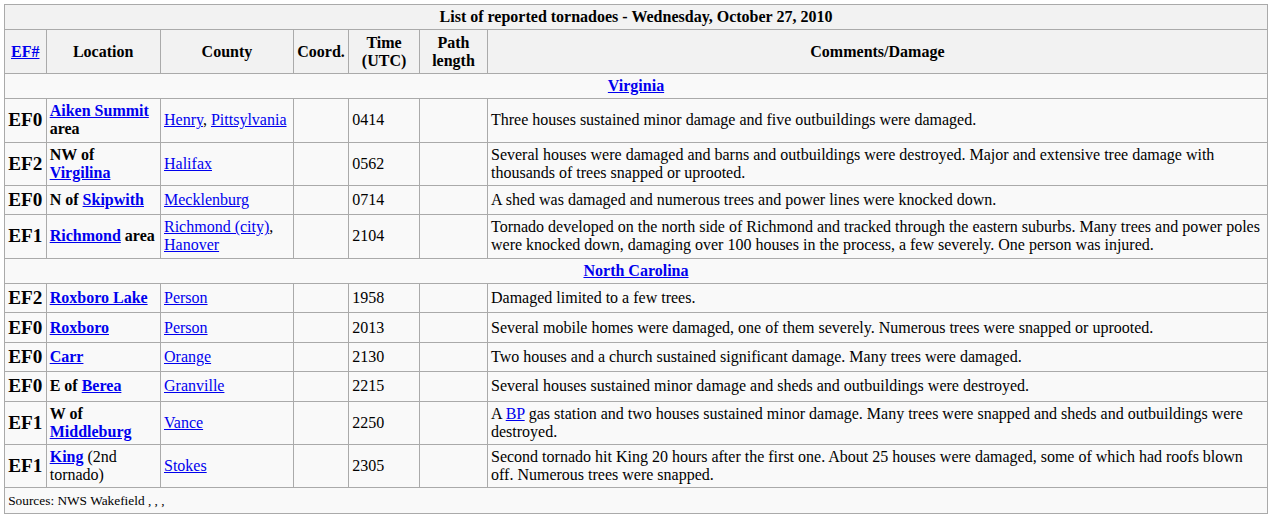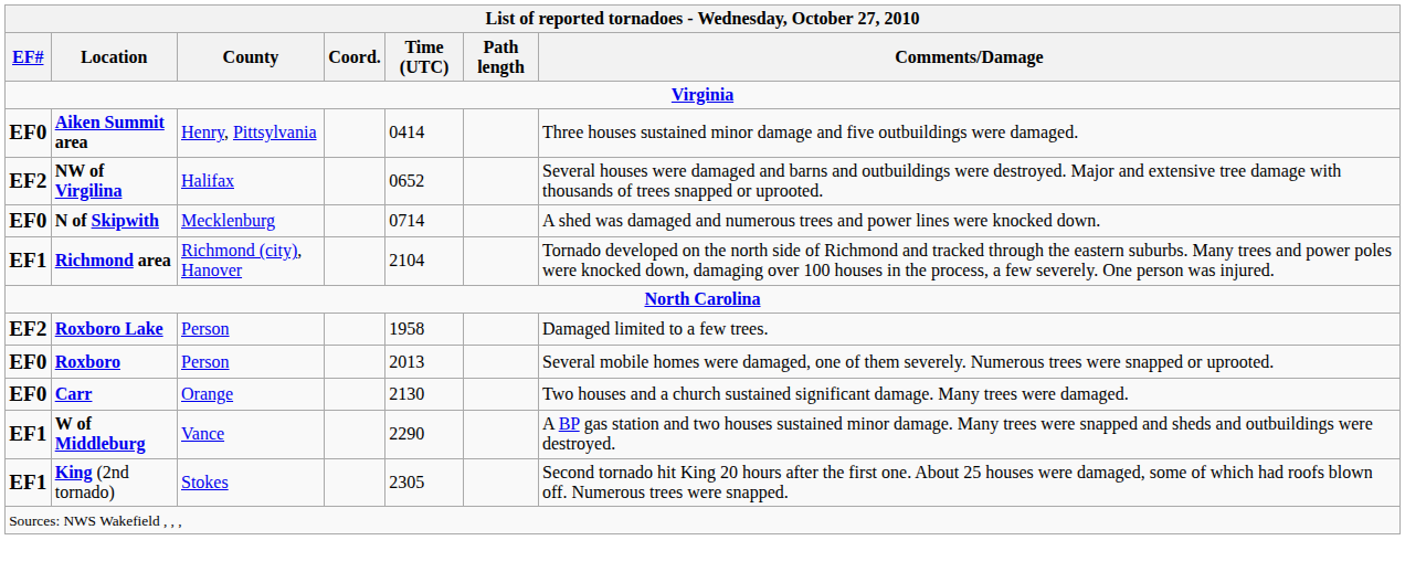 <table class="wikitable collapsible" width="100%">
 <tr>
 <th colspan="7">List of reported tornadoes - Wednesday, October 27, 2010</th>
 </tr>
 <tr>
 <th><a href='#'>EF#</a></th>
 <th>Location</th>
 <th>County</th>
 <th>Coord.</th>
 <th>Time (UTC)</th>
 <th>Path length</th>
 <th>Comments/Damage</th>
 </tr>
 <tr>
 <td colspan="7" align=center><strong><a href='#'>Virginia</a></strong></td>
 </tr>
 <tr>
 <td><big><strong>EF0</strong></big></td>
 <td><strong><a href='#'>Aiken Summit</a> area</strong></td>
 <td><a href='#'>Henry</a>, <a href='#'>Pittsylvania</a></td>
 <td></td>
 <td>0414</td>
 <td></td>
 <td>Three houses sustained minor damage and five outbuildings were damaged.</td>
 </tr>
 <tr>
 <td><big><strong>EF2</strong></big></td>
 <td><strong>NW of <a href='#'>Virgilina</a></strong></td>
 <td><a href='#'>Halifax</a></td>
 <td></td>
-<td>0562</td>
+<td>0652</td>
 <td></td>
 <td>Several houses were damaged and barns and outbuildings were destroyed. Major and extensive tree damage with thousands of trees snapped or uprooted.</td>
 </tr>
 <tr>
 <td><big><strong>EF0</strong></big></td>
 <td><strong>N of <a href='#'>Skipwith</a></strong></td>
 <td><a href='#'>Mecklenburg</a></td>
 <td></td>
 <td>0714</td>
 <td></td>
 <td>A shed was damaged and numerous trees and power lines were knocked down.</td>
 </tr>
 <tr>
 <td><big><strong>EF1</strong></big></td>
 <td><strong><a href='#'>Richmond</a> area</strong></td>
 <td><a href='#'>Richmond (city)</a>, <a href='#'>Hanover</a></td>
 <td></td>
 <td>2104</td>
 <td></td>
 <td>Tornado developed on the north side of Richmond and tracked through the eastern suburbs. Many trees and power poles were knocked down, damaging over 100 houses in the process, a few severely. One person was injured.</td>
 </tr>
 <tr>
 <td colspan="7" align=center><strong><a href='#'>North Carolina</a></strong></td>
 </tr>
 <tr>
 <td><big><strong>EF2</strong></big></td>
 <td><strong><a href='#'>Roxboro Lake</a></strong></td>
 <td><a href='#'>Person</a></td>
 <td></td>
 <td>1958</td>
 <td></td>
 <td>Damaged limited to a few trees.</td>
 </tr>
 <tr>
 <td><big><strong>EF0</strong></big></td>
 <td><strong><a href='#'>Roxboro</a></strong></td>
 <td><a href='#'>Person</a></td>
 <td></td>
 <td>2013</td>
 <td></td>
 <td>Several mobile homes were damaged, one of them severely. Numerous trees were snapped or uprooted.</td>
 </tr>
 <tr>
 <td><big><strong>EF0</strong></big></td>
 <td><strong><a href='#'>Carr</a></strong></td>
 <td><a href='#'>Orange</a></td>
 <td></td>
 <td>2130</td>
 <td></td>
 <td>Two houses and a church sustained significant damage. Many trees were damaged.</td>
 </tr>
 <tr>
-<td><big><strong>EF0</strong></big></td>
-<td><strong>E of <a href='#'>Berea</a></strong></td>
-<td><a href='#'>Granville</a></td>
-<td></td>
-<td>2215</td>
-<td></td>
-<td>Several houses sustained minor damage and sheds and outbuildings were destroyed.</td>
-</tr>
-<tr>
 <td><big><strong>EF1</strong></big></td>
 <td><strong>W of <a href='#'>Middleburg</a></strong></td>
 <td><a href='#'>Vance</a></td>
 <td></td>
-<td>2250</td>
+<td>2290</td>
 <td></td>
 <td>A <a href='#'>BP</a> gas station and two houses sustained minor damage. Many trees were snapped and sheds and outbuildings were destroyed.</td>
 </tr>
 <tr>
 <td><big><strong>EF1</strong></big></td>
 <td><strong><a href='#'>King</a></strong> (2nd tornado)</td>
 <td><a href='#'>Stokes</a></td>
 <td></td>
 <td>2305</td>
 <td></td>
 <td>Second tornado hit King 20 hours after the first one. About 25 houses were damaged, some of which had roofs blown off. Numerous trees were snapped.</td>
 </tr>
 <tr>
 <td colspan="7"><small>Sources: NWS Wakefield , , , </small></td>
 </tr>
 </table>
